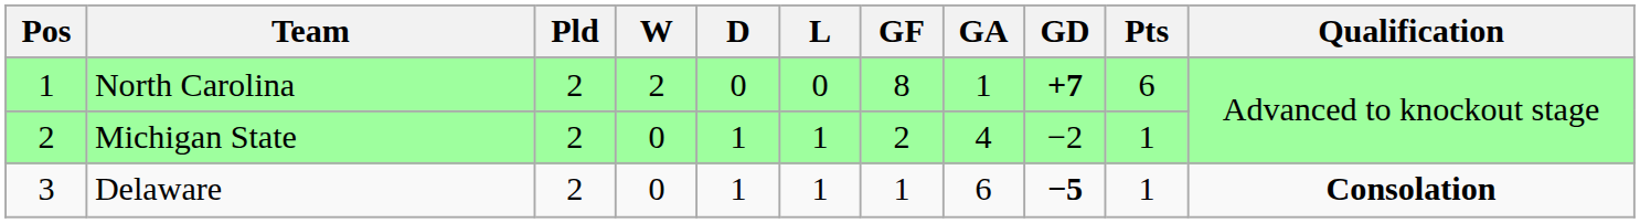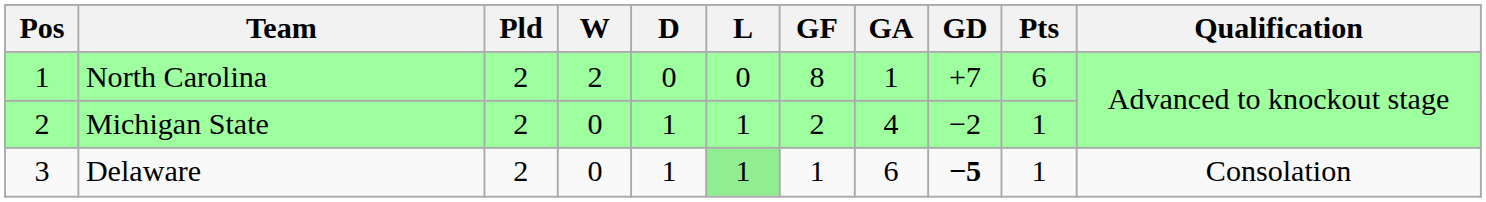 <table class="wikitable" style="text-align:center; margin: 1em auto">
 <tr>
 <th style="width:2em">Pos</th>
 <th style="width:13em">Team</th>
 <th style="width:2em">Pld</th>
 <th style="width:2em">W</th>
 <th style="width:2em">D</th>
 <th style="width:2em">L</th>
 <th style="width:2em">GF</th>
 <th style="width:2em">GA</th>
 <th style="width:2em">GD</th>
 <th style="width:2em">Pts</th>
 <th style="width:13em">Qualification</th>
 </tr>
 <tr bgcolor="#9eff9e">
 <td>1</td>
 <td style="text-align:left">North Carolina</td>
 <td>2</td>
 <td>2</td>
 <td>0</td>
 <td>0</td>
 <td>8</td>
 <td>1</td>
-<td><strong>+7</strong></td>
+<td>+7</td>
 <td>6</td>
 <td rowspan="2">Advanced to knockout stage</td>
 </tr>
 <tr bgcolor="#9eff9e">
 <td>2</td>
 <td style="text-align:left">Michigan State</td>
 <td>2</td>
 <td>0</td>
 <td>1</td>
 <td>1</td>
 <td>2</td>
 <td>4</td>
 <td>−2</td>
 <td>1</td>
 </tr>
 <tr>
 <td>3</td>
 <td style="text-align:left">Delaware</td>
 <td>2</td>
 <td>0</td>
 <td>1</td>
-<td>1</td>
+<td style="background: lightgreen;">1</td>
 <td>1</td>
 <td>6</td>
 <td><strong>−5</strong></td>
 <td>1</td>
-<td><strong>Consolation</strong></td>
+<td>Consolation</td>
 </tr>
 </table>
